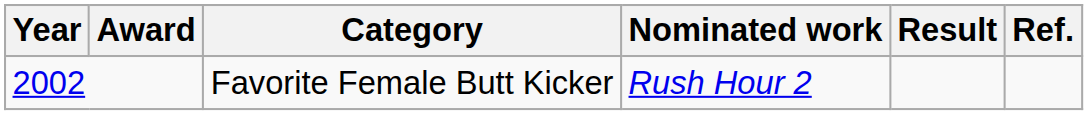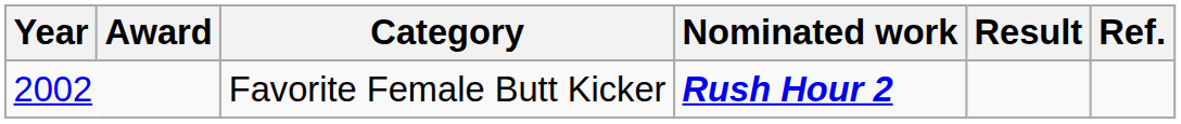 <table class="wikitable">
 <tr>
 <th>Year</th>
 <th>Award</th>
 <th>Category</th>
 <th>Nominated work</th>
 <th>Result</th>
 <th>Ref.</th>
 </tr>
 <tr>
 <td colspan=2><a href='#'>2002</a></td>
 <td>Favorite Female Butt Kicker</td>
-<td rowspan=1><em><a href='#'>Rush Hour 2</a></em></td>
+<td rowspan=1><strong><em><a href='#'>Rush Hour 2</a></em></strong></td>
 <td></td>
 <td></td>
 </tr>
 </table>
